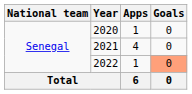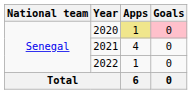 <table class="wikitable" style="text-align:center">
 <tr>
 <th>National team</th>
 <th>Year</th>
 <th>Apps</th>
 <th>Goals</th>
 </tr>
 <tr>
 <td rowspan="3"><a href='#'>Senegal</a></td>
 <td>2020</td>
-<td>1</td>
-<td>0</td>
+<td style="background: khaki;">1</td>
+<td style="background: pink;">0</td>
 </tr>
 <tr>
 <td>2021</td>
 <td>4</td>
 <td>0</td>
 </tr>
 <tr>
 <td>2022</td>
 <td>1</td>
-<td style="background: lightsalmon;">0</td>
+<td>0</td>
 </tr>
 <tr>
 <th colspan="2">Total</th>
 <th>6</th>
 <th>0</th>
 </tr>
 </table>
